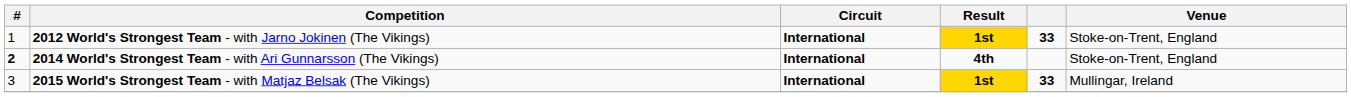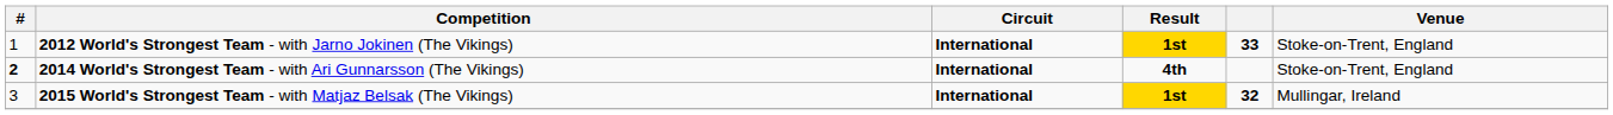 <table class="wikitable sortable" style="display: inline-table;width: 125%;">
 <tr>
 <th>#</th>
 <th>Competition</th>
 <th>Circuit</th>
 <th>Result</th>
 <th></th>
 <th>Venue</th>
 </tr>
 <tr>
 <td>1</td>
 <td><strong>2012 World's Strongest Team</strong> - with  <a href='#'>Jarno Jokinen</a> (The Vikings)</td>
 <td><strong>International</strong></td>
 <td align=center style="background:gold;"><strong>1st</strong></td>
 <td align=center><strong>33</strong></td>
 <td> Stoke-on-Trent, England</td>
 </tr>
 <tr>
 <td><strong>2</strong></td>
 <td><strong>2014 World's Strongest Team</strong> - with  <a href='#'>Ari Gunnarsson</a> (The Vikings)</td>
 <td><strong>International</strong></td>
 <td align=center><strong>4th</strong></td>
 <td></td>
 <td> Stoke-on-Trent, England</td>
 </tr>
 <tr>
 <td>3</td>
 <td><strong>2015 World's Strongest Team</strong> - with  <a href='#'>Matjaz Belsak</a> (The Vikings)</td>
 <td><strong>International</strong></td>
 <td align=center style="background:gold;"><strong>1st</strong></td>
-<td align=center><strong>33</strong></td>
+<td align=center><strong>32</strong></td>
 <td> Mullingar, Ireland</td>
 </tr>
 <tr>
 </tr>
 </table>
